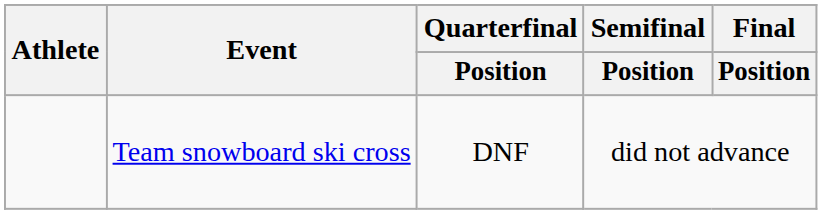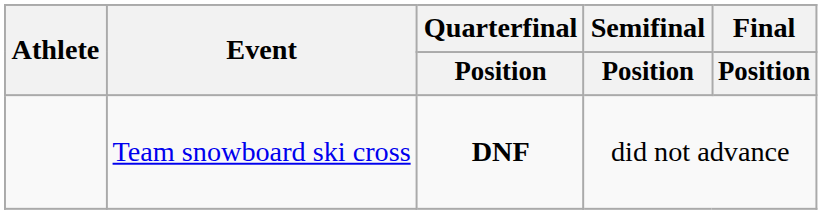 <table class="wikitable" style="font-size:90%">
 <tr>
 <th rowspan="2">Athlete</th>
 <th rowspan="2">Event</th>
 <th>Quarterfinal</th>
 <th>Semifinal</th>
 <th>Final</th>
 </tr>
 <tr style="font-size:95%">
 <th>Position</th>
 <th>Position</th>
 <th>Position</th>
 </tr>
 <tr align=center>
 <td align=left><br><br><br></td>
 <td align=left><a href='#'>Team snowboard ski cross</a></td>
-<td>DNF</td>
+<td><strong>DNF</strong></td>
 <td colspan=2>did not advance</td>
 </tr>
 </table>
